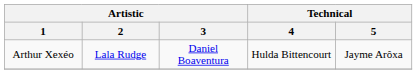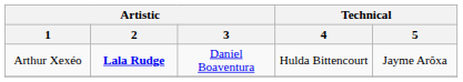 <table class="wikitable" style="font-size:90%; line-height:16px; text-align:center" width="85%">
 <tr>
 <th colspan=3>Artistic</th>
 <th colspan=2>Technical</th>
 </tr>
 <tr>
 <th>1</th>
 <th>2</th>
 <th>3</th>
 <th>4</th>
 <th>5</th>
 </tr>
 <tr>
 <td width=150>Arthur Xexéo</td>
-<td width=150><a href='#'>Lala Rudge</a></td>
+<td width=150><strong><a href='#'>Lala Rudge</a></strong></td>
 <td width=150><a href='#'>Daniel Boaventura</a></td>
 <td width=150>Hulda Bittencourt</td>
 <td width=150>Jayme Arôxa</td>
 </tr>
 <tr>
 </tr>
 </table>
